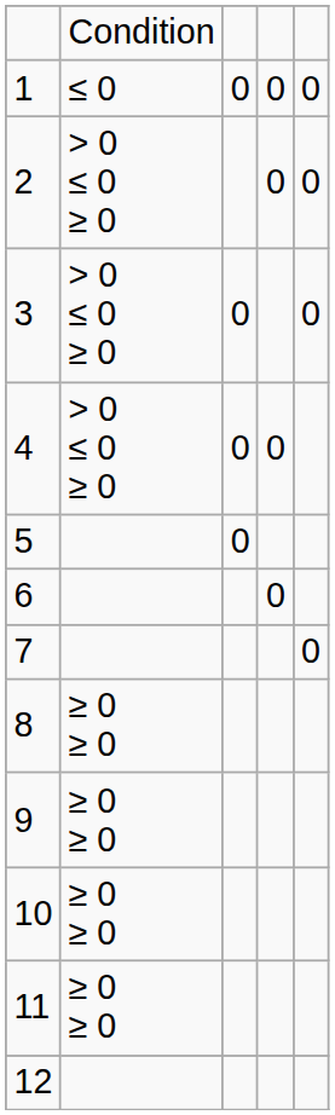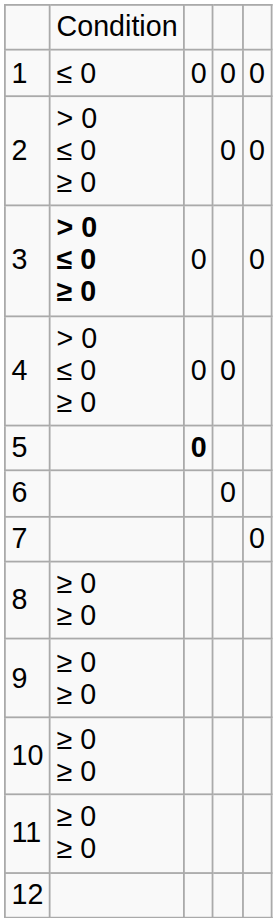 <table class="wikitable">
 <tr>
 <td></td>
 <td>Condition</td>
 <td></td>
 <td></td>
 <td></td>
 </tr>
 <tr>
 <td>1</td>
 <td> ≤ 0</td>
 <td>0</td>
 <td>0</td>
 <td>0</td>
 </tr>
 <tr>
 <td>2</td>
 <td> > 0<br> ≤ 0<br> ≥ 0</td>
 <td></td>
 <td>0</td>
 <td>0</td>
 </tr>
 <tr>
 <td>3</td>
-<td> > 0<br> ≤ 0<br> ≥ 0</td>
+<td><strong> > 0<br> ≤ 0<br> ≥ 0</strong></td>
 <td>0</td>
 <td></td>
 <td>0</td>
 </tr>
 <tr>
 <td>4</td>
 <td> > 0<br> ≤ 0<br> ≥ 0</td>
 <td>0</td>
 <td>0</td>
 <td></td>
 </tr>
 <tr>
 <td>5</td>
 <td></td>
-<td>0</td>
+<td><strong>0</strong></td>
 <td></td>
 <td></td>
 </tr>
 <tr>
 <td>6</td>
 <td></td>
 <td></td>
 <td>0</td>
 <td></td>
 </tr>
 <tr>
 <td>7</td>
 <td></td>
 <td></td>
 <td></td>
 <td>0</td>
 </tr>
 <tr>
 <td>8</td>
 <td> ≥ 0<br> ≥ 0<br></td>
 <td></td>
 <td></td>
 <td></td>
 </tr>
 <tr>
 <td>9</td>
 <td> ≥ 0<br> ≥ 0<br></td>
 <td></td>
 <td></td>
 <td></td>
 </tr>
 <tr>
 <td>10</td>
 <td> ≥ 0<br> ≥ 0<br></td>
 <td></td>
 <td></td>
 <td></td>
 </tr>
 <tr>
 <td>11</td>
 <td> ≥ 0<br> ≥ 0<br></td>
 <td></td>
 <td></td>
 <td></td>
 </tr>
 <tr>
 <td>12</td>
 <td></td>
 <td></td>
 <td></td>
 <td></td>
 </tr>
 <tr>
 </tr>
 </table>
